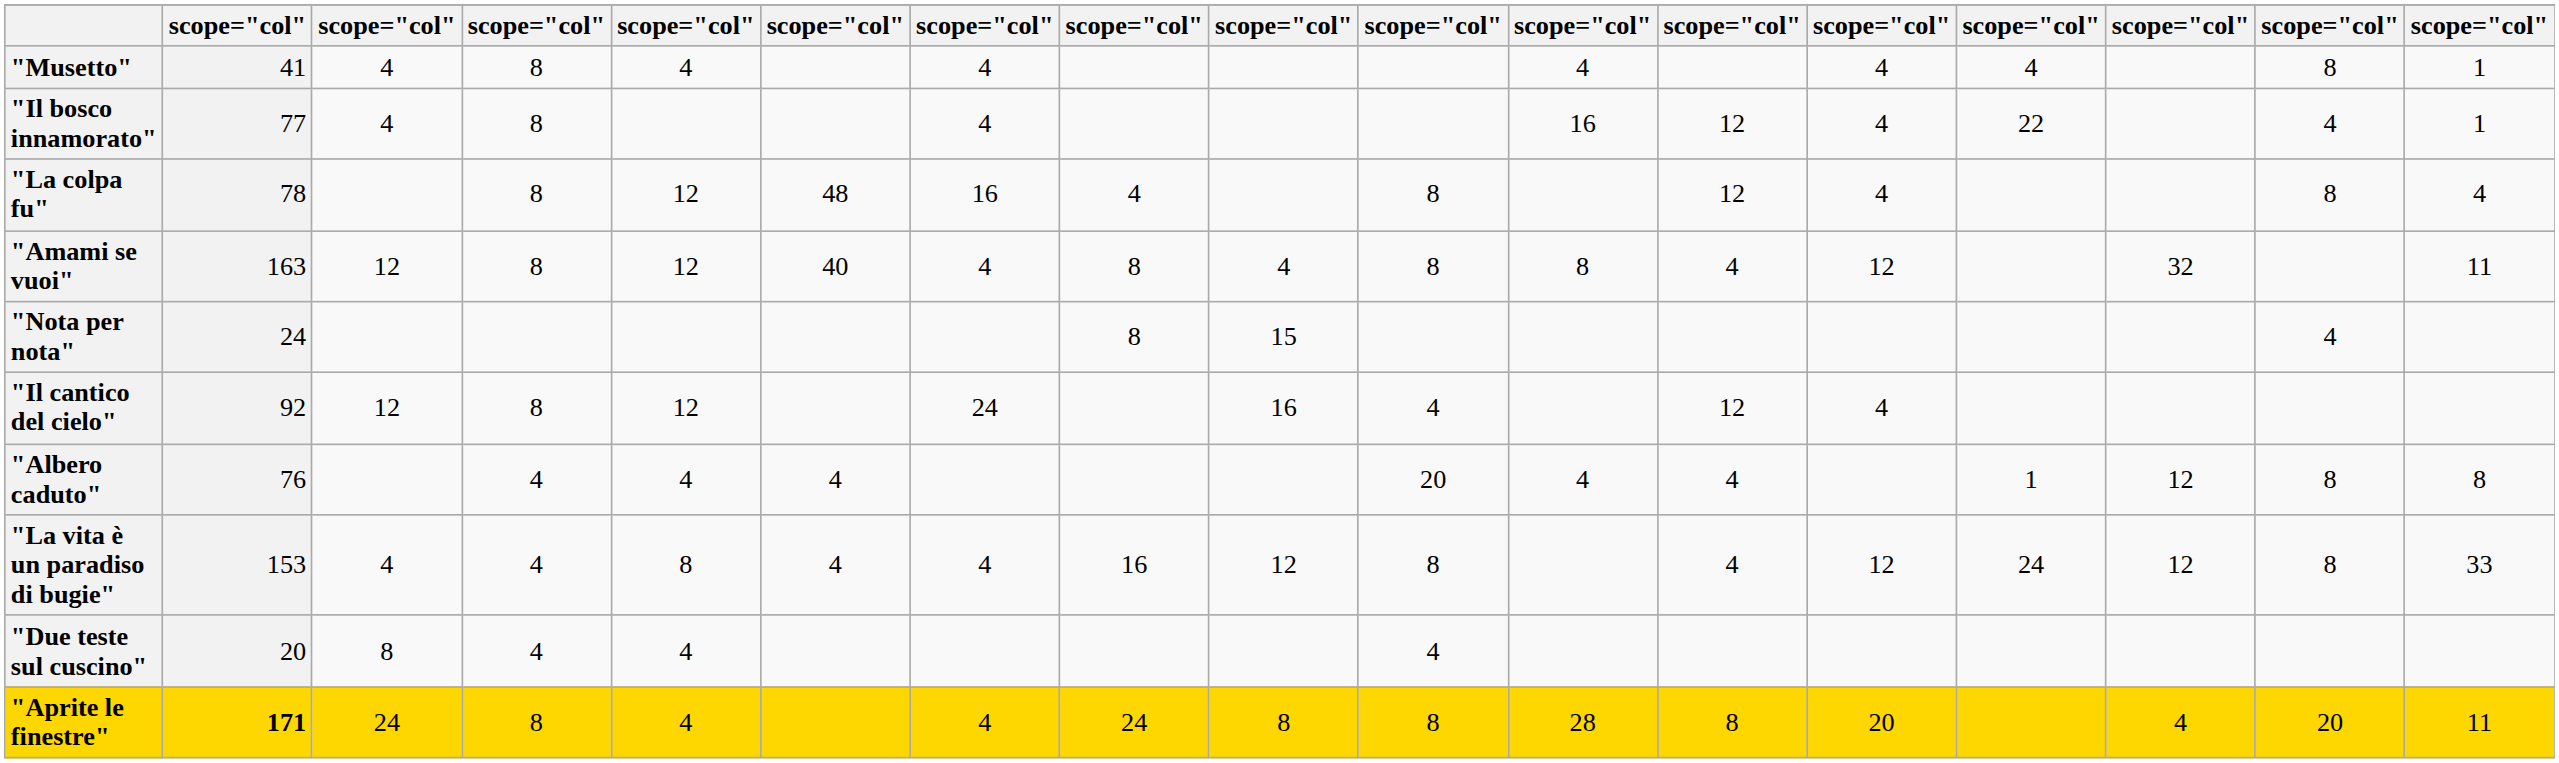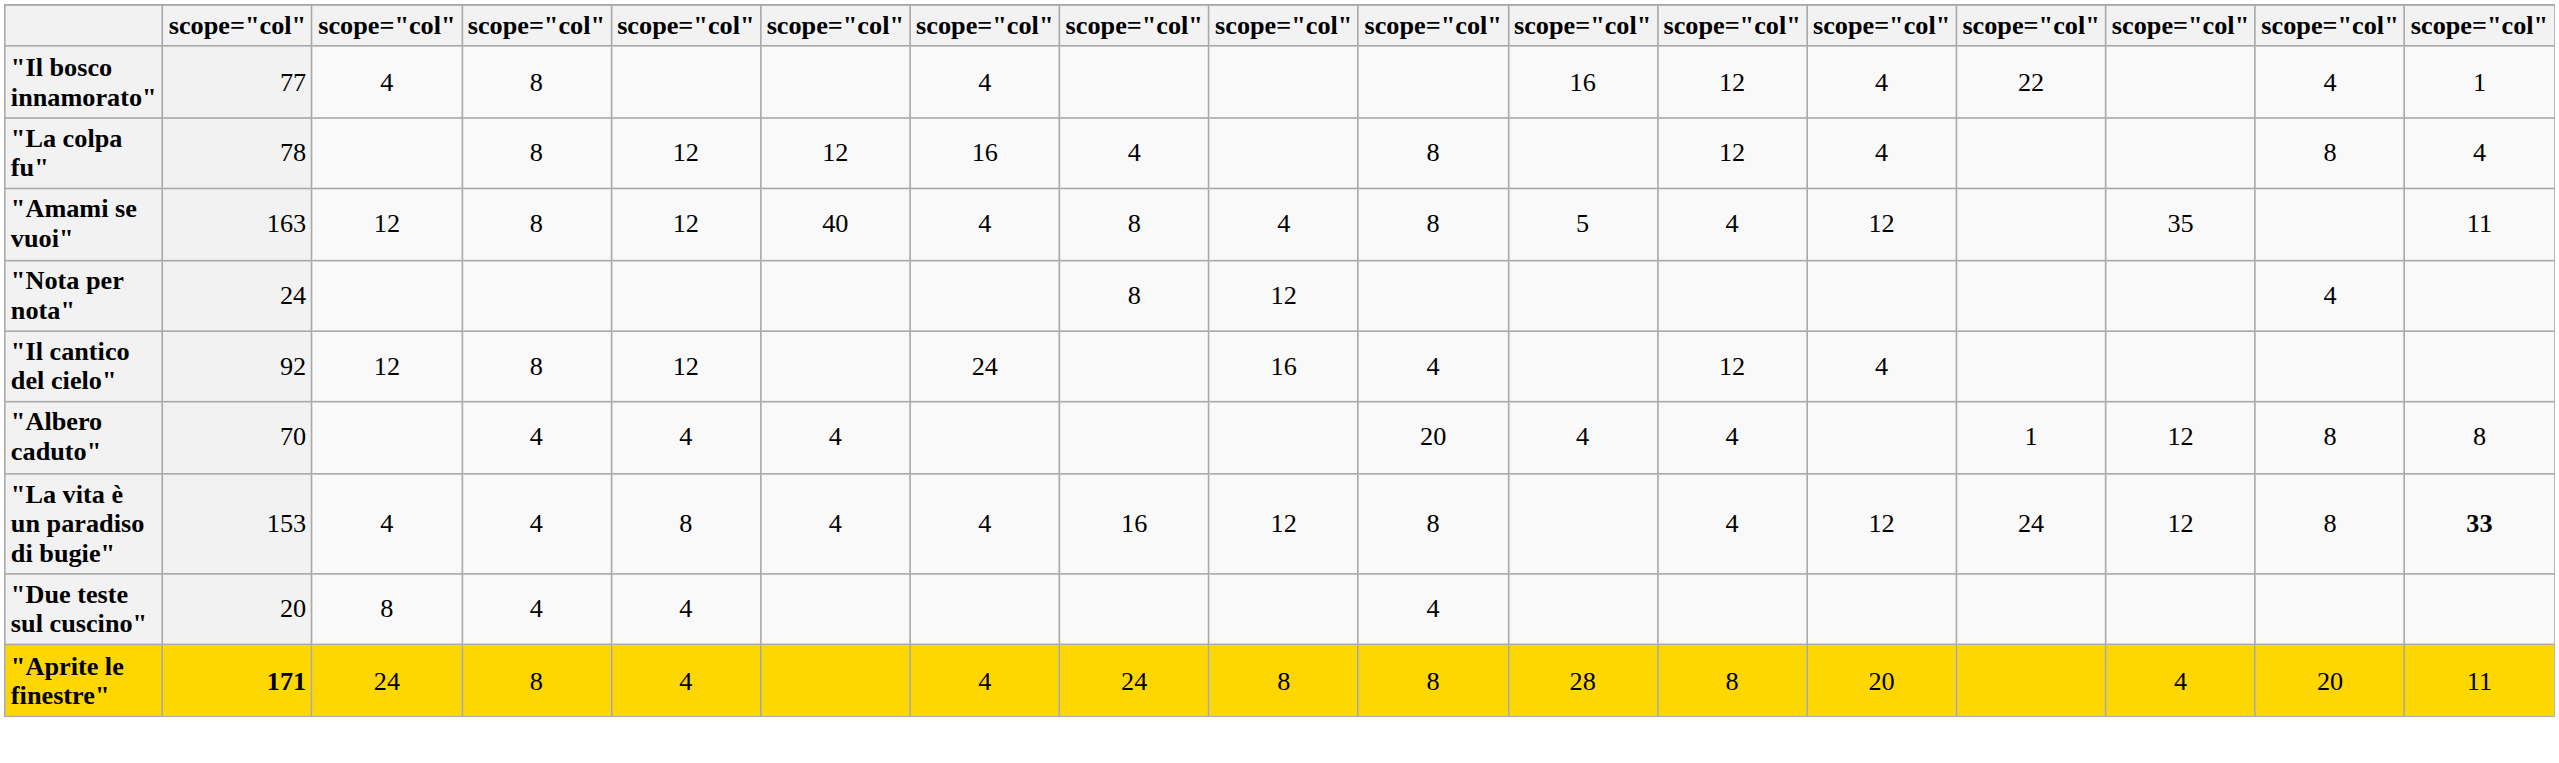 <table class="wikitable plainrowheaders" style="text-align:center;">
 <tr>
 </tr>
 <tr>
 <th></th>
 <th>scope="col" </th>
 <th>scope="col" </th>
 <th>scope="col" </th>
 <th>scope="col" </th>
 <th>scope="col" </th>
 <th>scope="col" </th>
 <th>scope="col" </th>
 <th>scope="col" </th>
 <th>scope="col" </th>
 <th>scope="col" </th>
 <th>scope="col" </th>
 <th>scope="col" </th>
 <th>scope="col" </th>
 <th>scope="col" </th>
 <th>scope="col" </th>
 <th>scope="col" </th>
-</tr>
-<tr>
-<th scope="row" style="text-align:left; background:#f2f2f2;">"Musetto"</th>
-<td style="text-align:right; background:#f2f2f2;">41</td>
-<td>4</td>
-<td>8</td>
-<td>4</td>
-<td></td>
-<td>4</td>
-<td></td>
-<td></td>
-<td></td>
-<td>4</td>
-<td></td>
-<td>4</td>
-<td>4</td>
-<td></td>
-<td>8</td>
-<td>1</td>
 </tr>
 <tr>
 <th scope="row" style="text-align:left; background:#f2f2f2;">"Il bosco innamorato"</th>
 <td style="text-align:right; background:#f2f2f2;">77</td>
 <td>4</td>
 <td>8</td>
 <td></td>
 <td></td>
 <td>4</td>
 <td></td>
 <td></td>
 <td></td>
 <td>16</td>
 <td>12</td>
 <td>4</td>
 <td>22</td>
 <td></td>
 <td>4</td>
 <td>1</td>
 </tr>
 <tr>
 <th scope="row" style="text-align:left; background:#f2f2f2;">"La colpa fu"</th>
 <td style="text-align:right; background:#f2f2f2;">78</td>
 <td></td>
 <td>8</td>
 <td>12</td>
-<td>48</td>
+<td>12</td>
 <td>16</td>
 <td>4</td>
 <td></td>
 <td>8</td>
 <td></td>
 <td>12</td>
 <td>4</td>
 <td></td>
 <td></td>
 <td>8</td>
 <td>4</td>
 </tr>
 <tr>
 <th scope="row" style="text-align:left; background:#f2f2f2;">"Amami se vuoi"</th>
 <td style="text-align:right; background:#f2f2f2;">163</td>
 <td>12</td>
 <td>8</td>
 <td>12</td>
 <td>40</td>
 <td>4</td>
 <td>8</td>
 <td>4</td>
 <td>8</td>
-<td>8</td>
+<td>5</td>
 <td>4</td>
 <td>12</td>
 <td></td>
-<td>32</td>
+<td>35</td>
 <td></td>
 <td>11</td>
 </tr>
 <tr>
 <th scope="row" style="text-align:left; background:#f2f2f2;">"Nota per nota"</th>
 <td style="text-align:right; background:#f2f2f2;">24</td>
 <td></td>
 <td></td>
 <td></td>
 <td></td>
 <td></td>
 <td>8</td>
-<td>15</td>
+<td>12</td>
 <td></td>
 <td></td>
 <td></td>
 <td></td>
 <td></td>
 <td></td>
 <td>4</td>
 <td></td>
 </tr>
 <tr>
 <th scope="row" style="text-align:left; background:#f2f2f2;">"Il cantico del cielo"</th>
 <td style="text-align:right; background:#f2f2f2;">92</td>
 <td>12</td>
 <td>8</td>
 <td>12</td>
 <td></td>
 <td>24</td>
 <td></td>
 <td>16</td>
 <td>4</td>
 <td></td>
 <td>12</td>
 <td>4</td>
 <td></td>
 <td></td>
 <td></td>
 <td></td>
 </tr>
 <tr>
 <th scope="row" style="text-align:left; background:#f2f2f2;">"Albero caduto"</th>
-<td style="text-align:right; background:#f2f2f2;">76</td>
+<td style="text-align:right; background:#f2f2f2;">70</td>
 <td></td>
 <td>4</td>
 <td>4</td>
 <td>4</td>
 <td></td>
 <td></td>
 <td></td>
 <td>20</td>
 <td>4</td>
 <td>4</td>
 <td></td>
 <td>1</td>
 <td>12</td>
 <td>8</td>
 <td>8</td>
 </tr>
 <tr>
 <th scope="row" style="text-align:left; background:#f2f2f2;">"La vita è un paradiso di bugie"</th>
 <td style="text-align:right; background:#f2f2f2;">153</td>
 <td>4</td>
 <td>4</td>
 <td>8</td>
 <td>4</td>
 <td>4</td>
 <td>16</td>
 <td>12</td>
 <td>8</td>
 <td></td>
 <td>4</td>
 <td>12</td>
 <td>24</td>
 <td>12</td>
 <td>8</td>
-<td>33</td>
+<td><strong>33</strong></td>
 </tr>
 <tr>
 <th scope="row" style="text-align:left; background:#f2f2f2;">"Due teste sul cuscino"</th>
 <td style="text-align:right; background:#f2f2f2;">20</td>
 <td>8</td>
 <td>4</td>
 <td>4</td>
 <td></td>
 <td></td>
 <td></td>
 <td></td>
 <td>4</td>
 <td></td>
 <td></td>
 <td></td>
 <td></td>
 <td></td>
 <td></td>
 <td></td>
 </tr>
 <tr style="background:gold;">
 <th scope="row" style="text-align:left; font-weight:bold; background:gold;">"Aprite le finestre"</th>
 <td style="text-align:right; font-weight:bold;">171</td>
 <td>24</td>
 <td>8</td>
 <td>4</td>
 <td></td>
 <td>4</td>
 <td>24</td>
 <td>8</td>
 <td>8</td>
 <td>28</td>
 <td>8</td>
 <td>20</td>
 <td></td>
 <td>4</td>
 <td>20</td>
 <td>11</td>
 </tr>
 </table>
